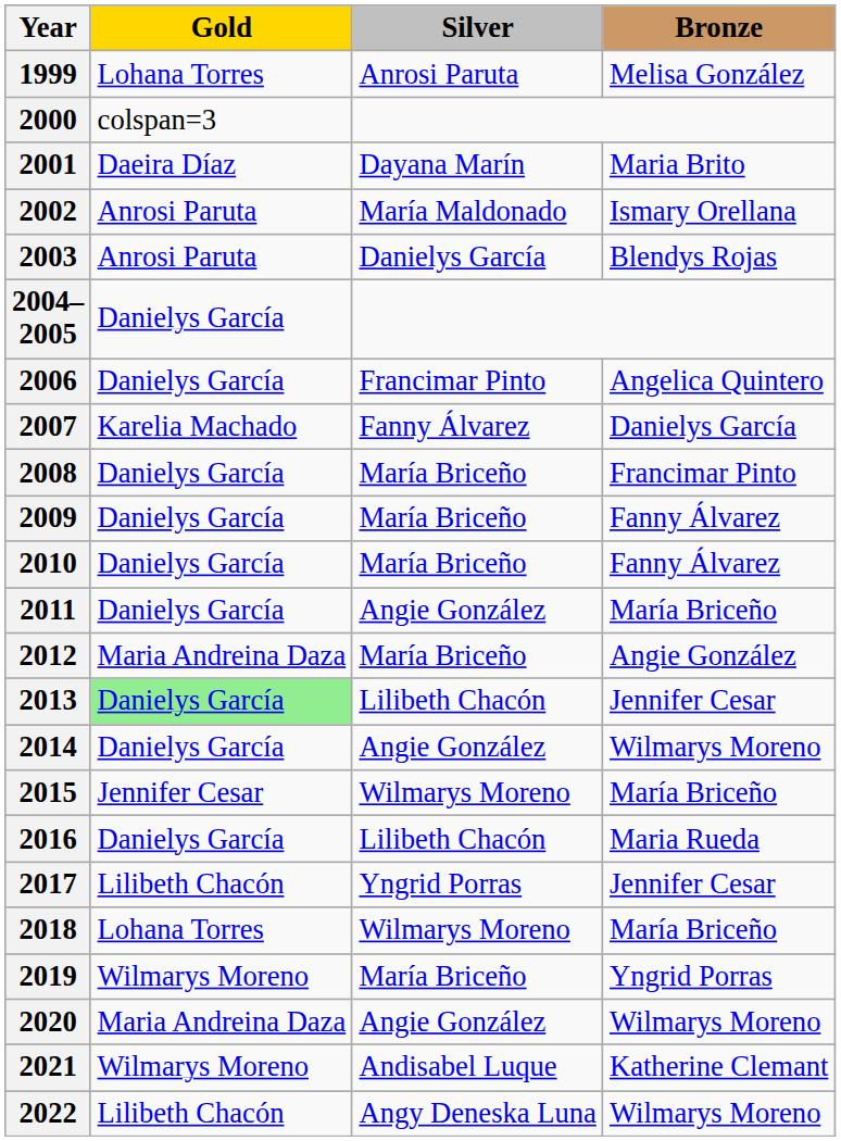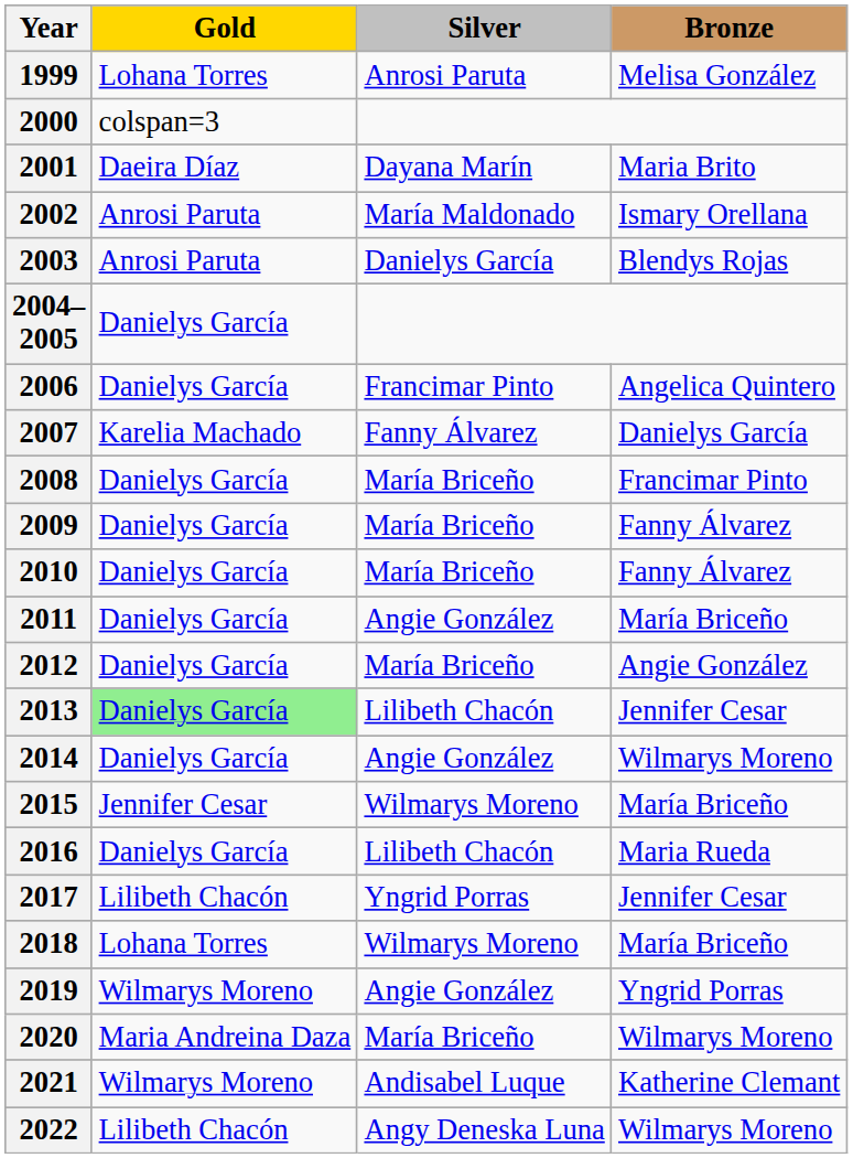 <table class="wikitable sortable">
 <tr>
 <th scope=col>Year</th>
 <th scope=col style="background-color:Gold">Gold</th>
 <th scope=col style="background-color:Silver">Silver</th>
 <th scope=col style="background-color:#cc9966">Bronze</th>
 </tr>
 <tr>
 <th>1999</th>
 <td><a href='#'>Lohana Torres</a></td>
 <td><a href='#'>Anrosi Paruta</a></td>
 <td><a href='#'>Melisa González</a></td>
 </tr>
 <tr>
 <th>2000</th>
 <td>colspan=3 </td>
 </tr>
 <tr>
 <th>2001</th>
 <td><a href='#'>Daeira Díaz</a></td>
 <td><a href='#'>Dayana Marín</a></td>
 <td><a href='#'>Maria Brito</a></td>
 </tr>
 <tr>
 <th>2002</th>
 <td><a href='#'>Anrosi Paruta</a></td>
 <td><a href='#'>María Maldonado</a></td>
 <td><a href='#'>Ismary Orellana</a></td>
 </tr>
 <tr>
 <th>2003</th>
 <td><a href='#'>Anrosi Paruta</a></td>
 <td><a href='#'>Danielys García</a></td>
 <td><a href='#'>Blendys Rojas</a></td>
 </tr>
 <tr>
 <th>2004–<br>2005</th>
 <td><a href='#'>Danielys García</a></td>
 </tr>
 <tr>
 <th>2006</th>
 <td><a href='#'>Danielys García</a></td>
 <td><a href='#'>Francimar Pinto</a></td>
 <td><a href='#'>Angelica Quintero</a></td>
 </tr>
 <tr>
 <th>2007</th>
 <td><a href='#'>Karelia Machado</a></td>
 <td><a href='#'>Fanny Álvarez</a></td>
 <td><a href='#'>Danielys García</a></td>
 </tr>
 <tr>
 <th>2008</th>
 <td><a href='#'>Danielys García</a></td>
 <td><a href='#'>María Briceño</a></td>
 <td><a href='#'>Francimar Pinto</a></td>
 </tr>
 <tr>
 <th>2009</th>
 <td><a href='#'>Danielys García</a></td>
 <td><a href='#'>María Briceño</a></td>
 <td><a href='#'>Fanny Álvarez</a></td>
 </tr>
 <tr>
 <th>2010</th>
 <td><a href='#'>Danielys García</a></td>
 <td><a href='#'>María Briceño</a></td>
 <td><a href='#'>Fanny Álvarez</a></td>
 </tr>
 <tr>
 <th>2011</th>
 <td><a href='#'>Danielys García</a></td>
 <td><a href='#'>Angie González</a></td>
 <td><a href='#'>María Briceño</a></td>
 </tr>
 <tr>
 <th>2012</th>
-<td><a href='#'>Maria Andreina Daza</a></td>
+<td><a href='#'>Danielys García</a></td>
 <td><a href='#'>María Briceño</a></td>
 <td><a href='#'>Angie González</a></td>
 </tr>
 <tr>
 <th>2013</th>
 <td style="background: lightgreen;"><a href='#'>Danielys García</a></td>
 <td><a href='#'>Lilibeth Chacón</a></td>
 <td><a href='#'>Jennifer Cesar</a></td>
 </tr>
 <tr>
 <th>2014</th>
 <td><a href='#'>Danielys García</a></td>
 <td><a href='#'>Angie González</a></td>
 <td><a href='#'>Wilmarys Moreno</a></td>
 </tr>
 <tr>
 <th>2015</th>
 <td><a href='#'>Jennifer Cesar</a></td>
 <td><a href='#'>Wilmarys Moreno</a></td>
 <td><a href='#'>María Briceño</a></td>
 </tr>
 <tr>
 <th>2016</th>
 <td><a href='#'>Danielys García</a></td>
 <td><a href='#'>Lilibeth Chacón</a></td>
 <td><a href='#'>Maria Rueda</a></td>
 </tr>
 <tr>
 <th>2017</th>
 <td><a href='#'>Lilibeth Chacón</a></td>
 <td><a href='#'>Yngrid Porras</a></td>
 <td><a href='#'>Jennifer Cesar</a></td>
 </tr>
 <tr>
 <th>2018</th>
 <td><a href='#'>Lohana Torres</a></td>
 <td><a href='#'>Wilmarys Moreno</a></td>
 <td><a href='#'>María Briceño</a></td>
 </tr>
 <tr>
 <th>2019</th>
 <td><a href='#'>Wilmarys Moreno</a></td>
-<td><a href='#'>María Briceño</a></td>
+<td><a href='#'>Angie González</a></td>
 <td><a href='#'>Yngrid Porras</a></td>
 </tr>
 <tr>
 <th>2020</th>
 <td><a href='#'>Maria Andreina Daza</a></td>
-<td><a href='#'>Angie González</a></td>
+<td><a href='#'>María Briceño</a></td>
 <td><a href='#'>Wilmarys Moreno</a></td>
 </tr>
 <tr>
 <th>2021</th>
 <td><a href='#'>Wilmarys Moreno</a></td>
 <td><a href='#'>Andisabel Luque</a></td>
 <td><a href='#'>Katherine Clemant</a></td>
 </tr>
 <tr>
 <th>2022</th>
 <td><a href='#'>Lilibeth Chacón</a></td>
 <td><a href='#'>Angy Deneska Luna</a></td>
 <td><a href='#'>Wilmarys Moreno</a></td>
 </tr>
 </table>
